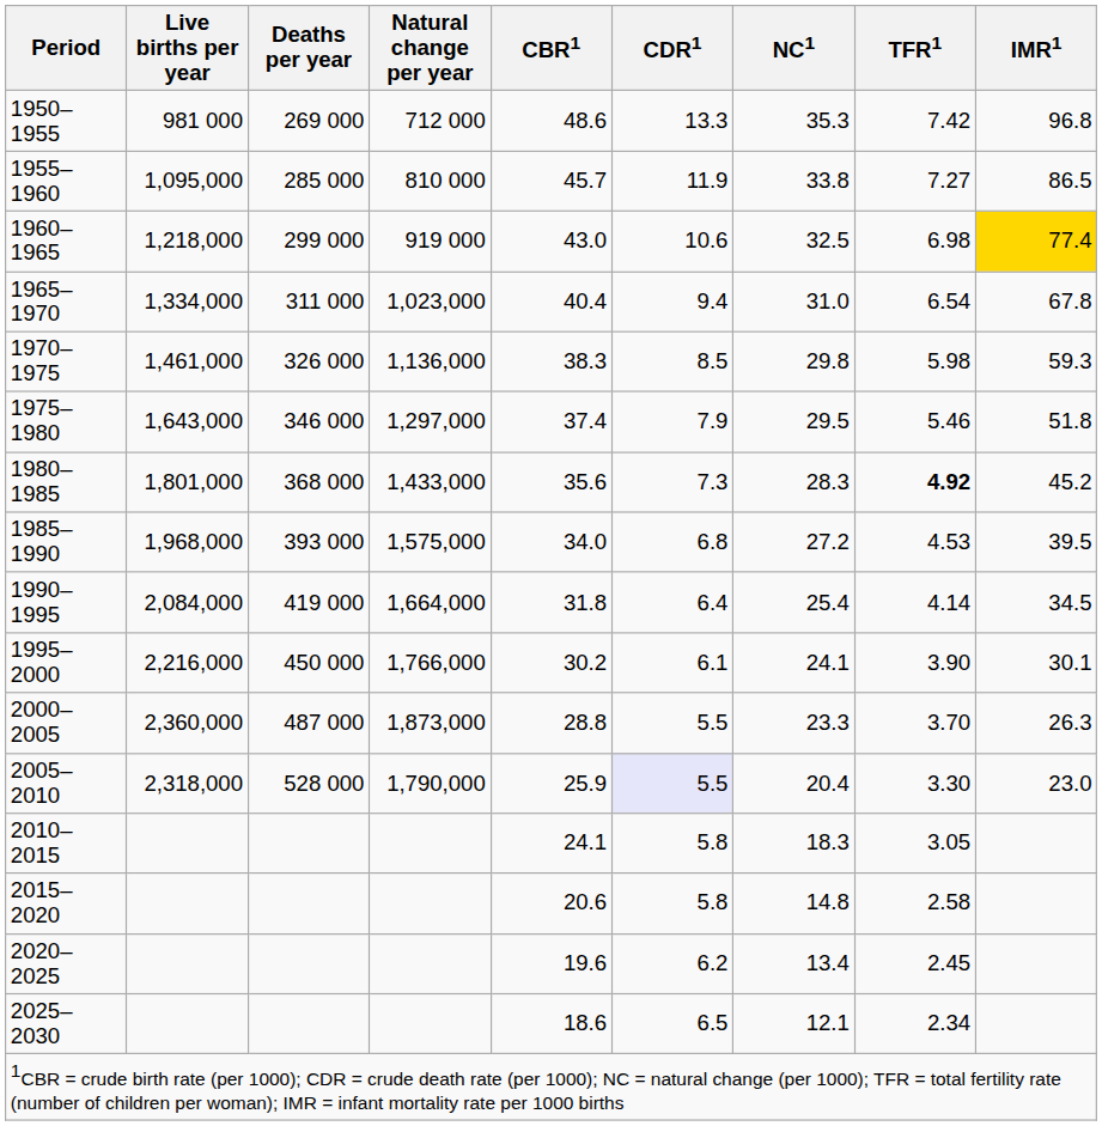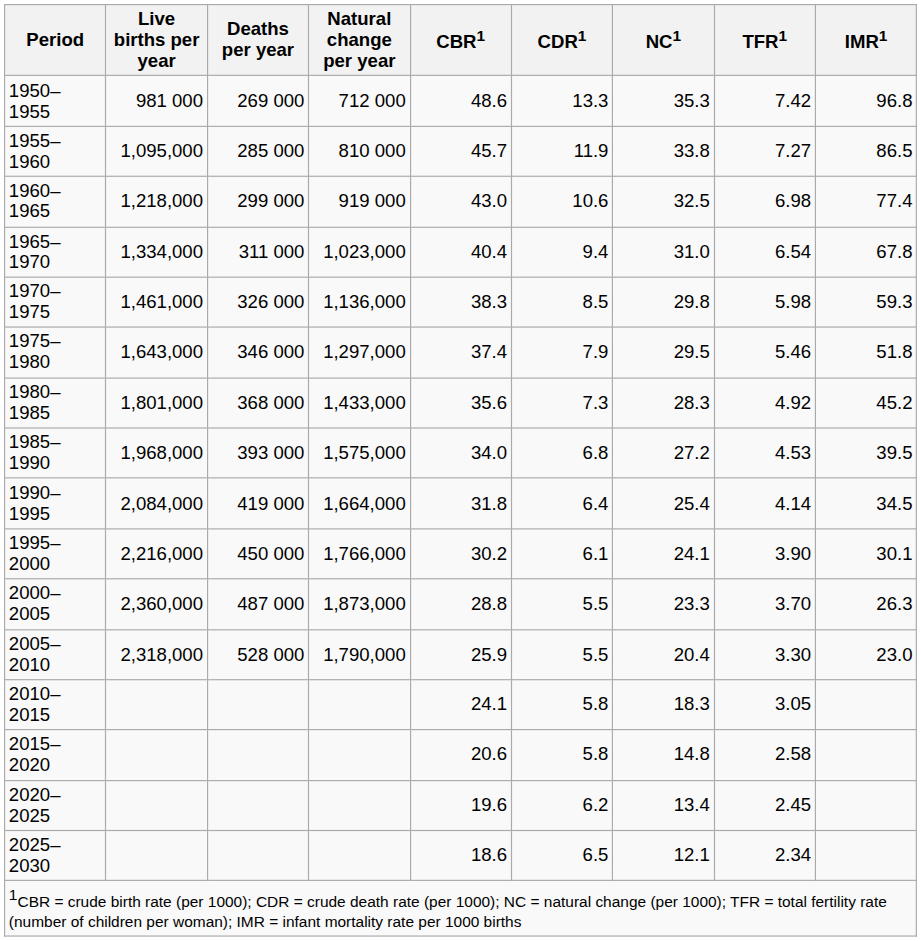 <table class="wikitable">
 <tr>
 <th width="80pt">Period</th>
 <th width="80pt">Live births per year</th>
 <th width="80pt">Deaths per year</th>
 <th width="80pt">Natural change per year</th>
 <th width="80pt">CBR<sup>1</sup></th>
 <th width="80pt">CDR<sup>1</sup></th>
 <th width="80pt">NC<sup>1</sup></th>
 <th width="80pt">TFR<sup>1</sup></th>
 <th width="80pt">IMR<sup>1</sup></th>
 </tr>
 <tr>
 <td>1950–1955</td>
 <td align="right">981 000</td>
 <td align="right">269 000</td>
 <td align="right">712 000</td>
 <td align="right">48.6</td>
 <td align="right">13.3</td>
 <td align="right">35.3</td>
 <td align="right">7.42</td>
 <td align="right">96.8</td>
 </tr>
 <tr>
 <td>1955–1960</td>
 <td align="right">1,095,000</td>
 <td align="right">285 000</td>
 <td align="right">810 000</td>
 <td align="right">45.7</td>
 <td align="right">11.9</td>
 <td align="right">33.8</td>
 <td align="right">7.27</td>
 <td align="right">86.5</td>
 </tr>
 <tr>
 <td>1960–1965</td>
 <td align="right">1,218,000</td>
 <td align="right">299 000</td>
 <td align="right">919 000</td>
 <td align="right">43.0</td>
 <td align="right">10.6</td>
 <td align="right">32.5</td>
 <td align="right">6.98</td>
-<td align="right" style="background: gold;">77.4</td>
+<td align="right">77.4</td>
 </tr>
 <tr>
 <td>1965–1970</td>
 <td align="right">1,334,000</td>
 <td align="right">311 000</td>
 <td align="right">1,023,000</td>
 <td align="right">40.4</td>
 <td align="right">9.4</td>
 <td align="right">31.0</td>
 <td align="right">6.54</td>
 <td align="right">67.8</td>
 </tr>
 <tr>
 <td>1970–1975</td>
 <td align="right">1,461,000</td>
 <td align="right">326 000</td>
 <td align="right">1,136,000</td>
 <td align="right">38.3</td>
 <td align="right">8.5</td>
 <td align="right">29.8</td>
 <td align="right">5.98</td>
 <td align="right">59.3</td>
 </tr>
 <tr>
 <td>1975–1980</td>
 <td align="right">1,643,000</td>
 <td align="right">346 000</td>
 <td align="right">1,297,000</td>
 <td align="right">37.4</td>
 <td align="right">7.9</td>
 <td align="right">29.5</td>
 <td align="right">5.46</td>
 <td align="right">51.8</td>
 </tr>
 <tr>
 <td>1980–1985</td>
 <td align="right">1,801,000</td>
 <td align="right">368 000</td>
 <td align="right">1,433,000</td>
 <td align="right">35.6</td>
 <td align="right">7.3</td>
 <td align="right">28.3</td>
-<td align="right"><strong>4.92</strong></td>
+<td align="right">4.92</td>
 <td align="right">45.2</td>
 </tr>
 <tr>
 <td>1985–1990</td>
 <td align="right">1,968,000</td>
 <td align="right">393 000</td>
 <td align="right">1,575,000</td>
 <td align="right">34.0</td>
 <td align="right">6.8</td>
 <td align="right">27.2</td>
 <td align="right">4.53</td>
 <td align="right">39.5</td>
 </tr>
 <tr>
 <td>1990–1995</td>
 <td align="right">2,084,000</td>
 <td align="right">419 000</td>
 <td align="right">1,664,000</td>
 <td align="right">31.8</td>
 <td align="right">6.4</td>
 <td align="right">25.4</td>
 <td align="right">4.14</td>
 <td align="right">34.5</td>
 </tr>
 <tr>
 <td>1995–2000</td>
 <td align="right">2,216,000</td>
 <td align="right">450 000</td>
 <td align="right">1,766,000</td>
 <td align="right">30.2</td>
 <td align="right">6.1</td>
 <td align="right">24.1</td>
 <td align="right">3.90</td>
 <td align="right">30.1</td>
 </tr>
 <tr>
 <td>2000–2005</td>
 <td align="right">2,360,000</td>
 <td align="right">487 000</td>
 <td align="right">1,873,000</td>
 <td align="right">28.8</td>
 <td align="right">5.5</td>
 <td align="right">23.3</td>
 <td align="right">3.70</td>
 <td align="right">26.3</td>
 </tr>
 <tr>
 <td>2005–2010</td>
 <td align="right">2,318,000</td>
 <td align="right">528 000</td>
 <td align="right">1,790,000</td>
 <td align="right">25.9</td>
-<td align="right" style="background: lavender;">5.5</td>
+<td align="right">5.5</td>
 <td align="right">20.4</td>
 <td align="right">3.30</td>
 <td align="right">23.0</td>
 </tr>
 <tr>
 <td>2010–2015</td>
 <td align="right"></td>
 <td align="right"></td>
 <td align="right"></td>
 <td align="right">24.1</td>
 <td align="right">5.8</td>
 <td align="right">18.3</td>
 <td align="right">3.05</td>
 <td align="right"></td>
 </tr>
 <tr>
 <td>2015–2020</td>
 <td align="right"></td>
 <td align="right"></td>
 <td align="right"></td>
 <td align="right">20.6</td>
 <td align="right">5.8</td>
 <td align="right">14.8</td>
 <td align="right">2.58</td>
 <td align="right"></td>
 </tr>
 <tr>
 <td>2020–2025</td>
 <td align="right"></td>
 <td align="right"></td>
 <td align="right"></td>
 <td align="right">19.6</td>
 <td align="right">6.2</td>
 <td align="right">13.4</td>
 <td align="right">2.45</td>
 <td align="right"></td>
 </tr>
 <tr>
 <td>2025–2030</td>
 <td align="right"></td>
 <td align="right"></td>
 <td align="right"></td>
 <td align="right">18.6</td>
 <td align="right">6.5</td>
 <td align="right">12.1</td>
 <td align="right">2.34</td>
 <td align="right"></td>
 </tr>
 <tr>
 <td colspan="9"><sup>1</sup><small>CBR = crude birth rate (per 1000); CDR = crude death rate (per 1000); NC = natural change (per 1000); TFR = total fertility rate (number of children per woman); IMR = infant mortality rate per 1000 births</small></td>
 </tr>
 </table>
